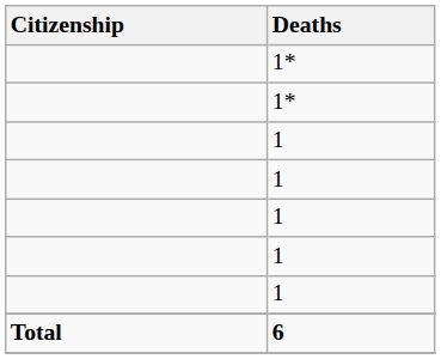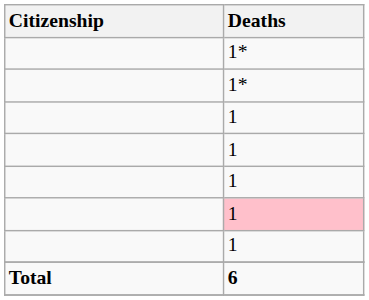 <table class="wikitable sortable floatright" style="font-size:86%; margin:0 0 1.5em 1.5em; width:20%">
 <tr>
 <th style="text-align:left;">Citizenship</th>
 <th style="text-align:left;">Deaths</th>
 </tr>
 <tr>
 <td style="text-align:left;"></td>
 <td>1*</td>
 </tr>
 <tr>
 <td style="text-align:left;"></td>
 <td>1*</td>
 </tr>
 <tr>
 <td style="text-align:left;"></td>
 <td>1</td>
 </tr>
 <tr>
 <td style="text-align:left;"></td>
 <td>1</td>
 </tr>
 <tr>
 <td style="text-align:left;"></td>
 <td>1</td>
 </tr>
 <tr>
 <td style="text-align:left;"></td>
-<td>1</td>
+<td style="background: pink;">1</td>
 </tr>
 <tr>
 <td style="text-align:left;"></td>
 <td>1</td>
 </tr>
 <tr>
 </tr>
 <tr class="sortbottom">
 <td><strong>Total</strong></td>
 <td> <strong>6</strong></td>
 </tr>
 <tr class="sortbottom">
 </tr>
 </table>
